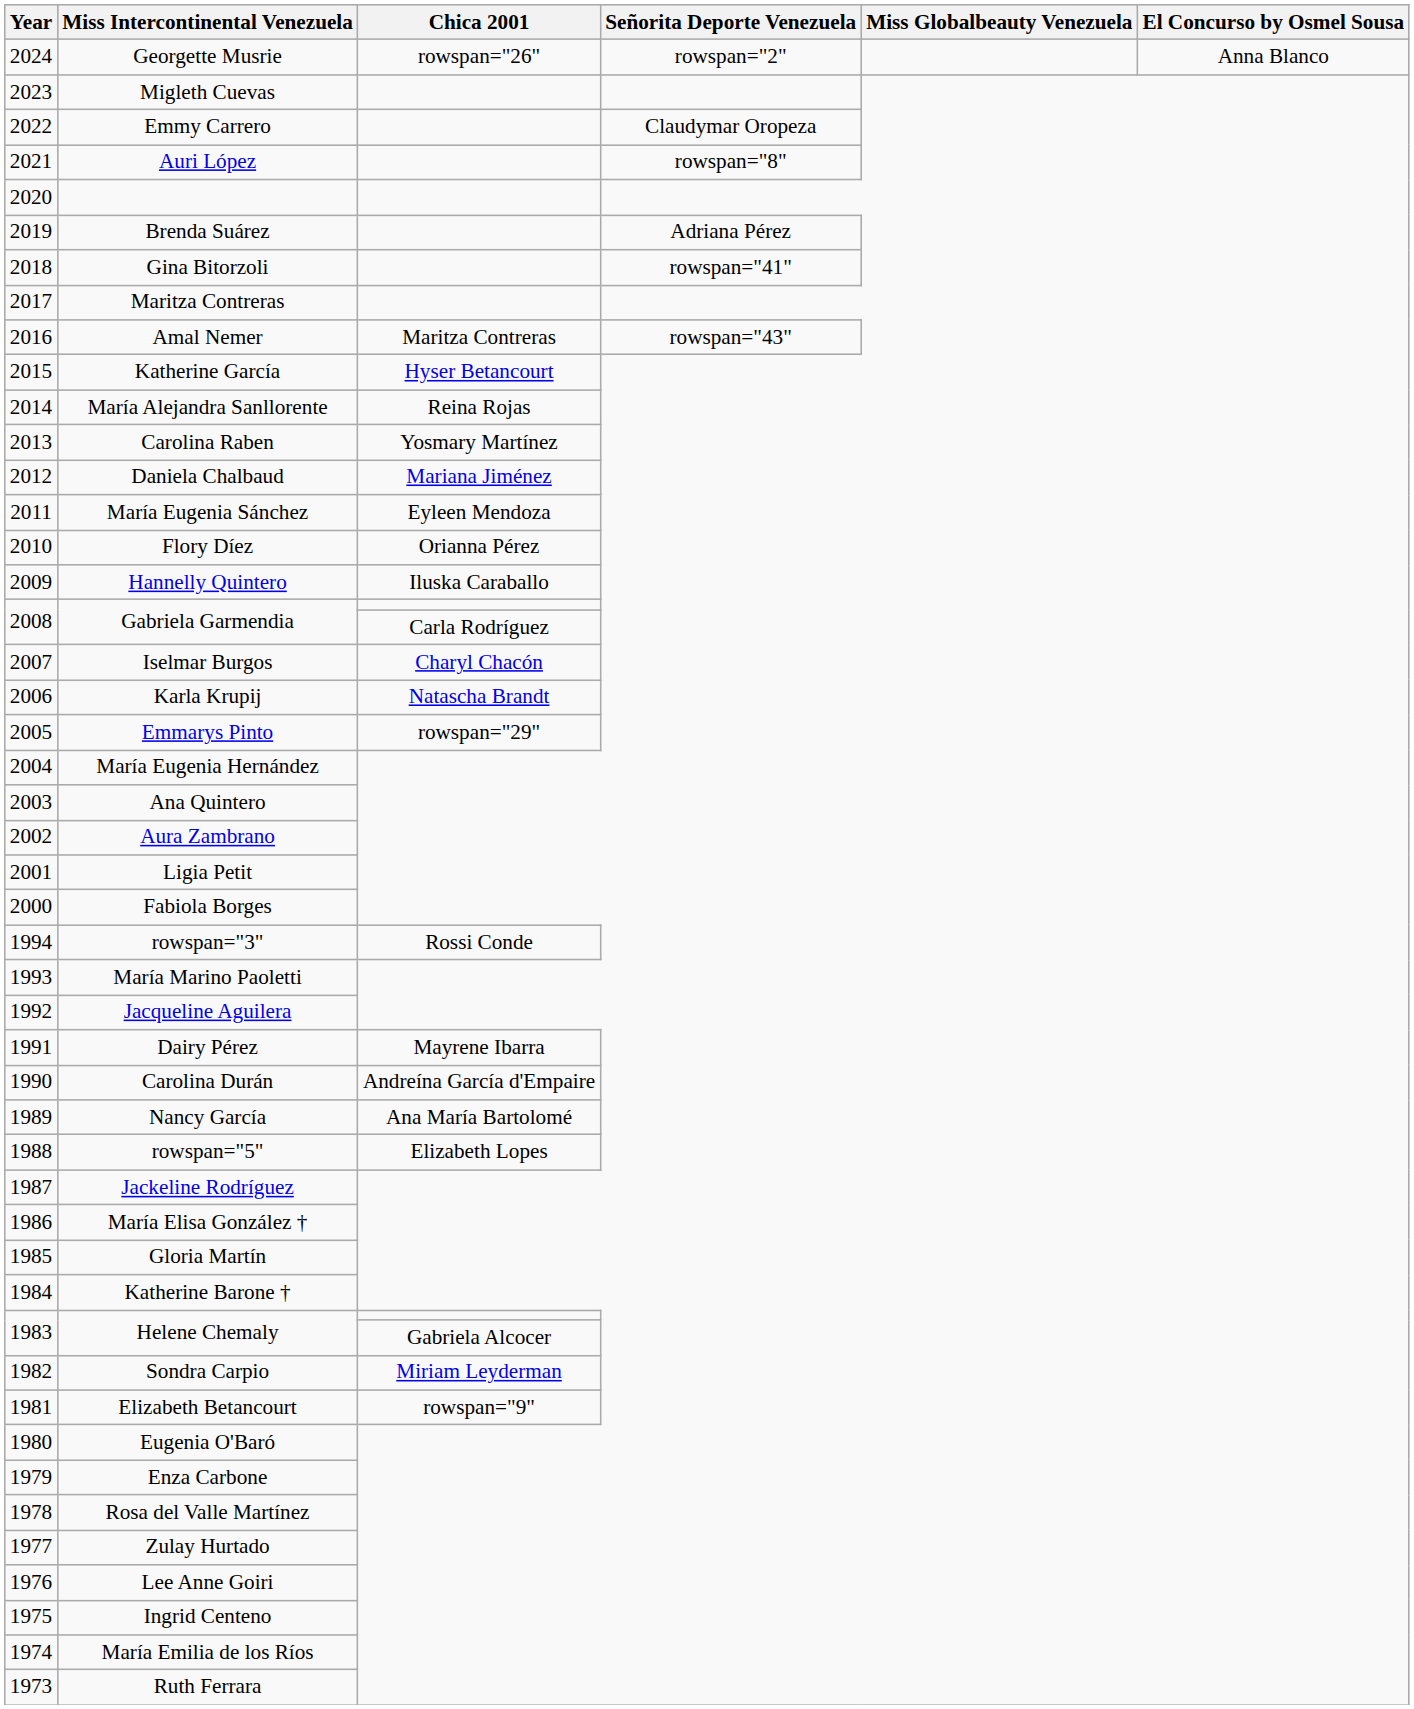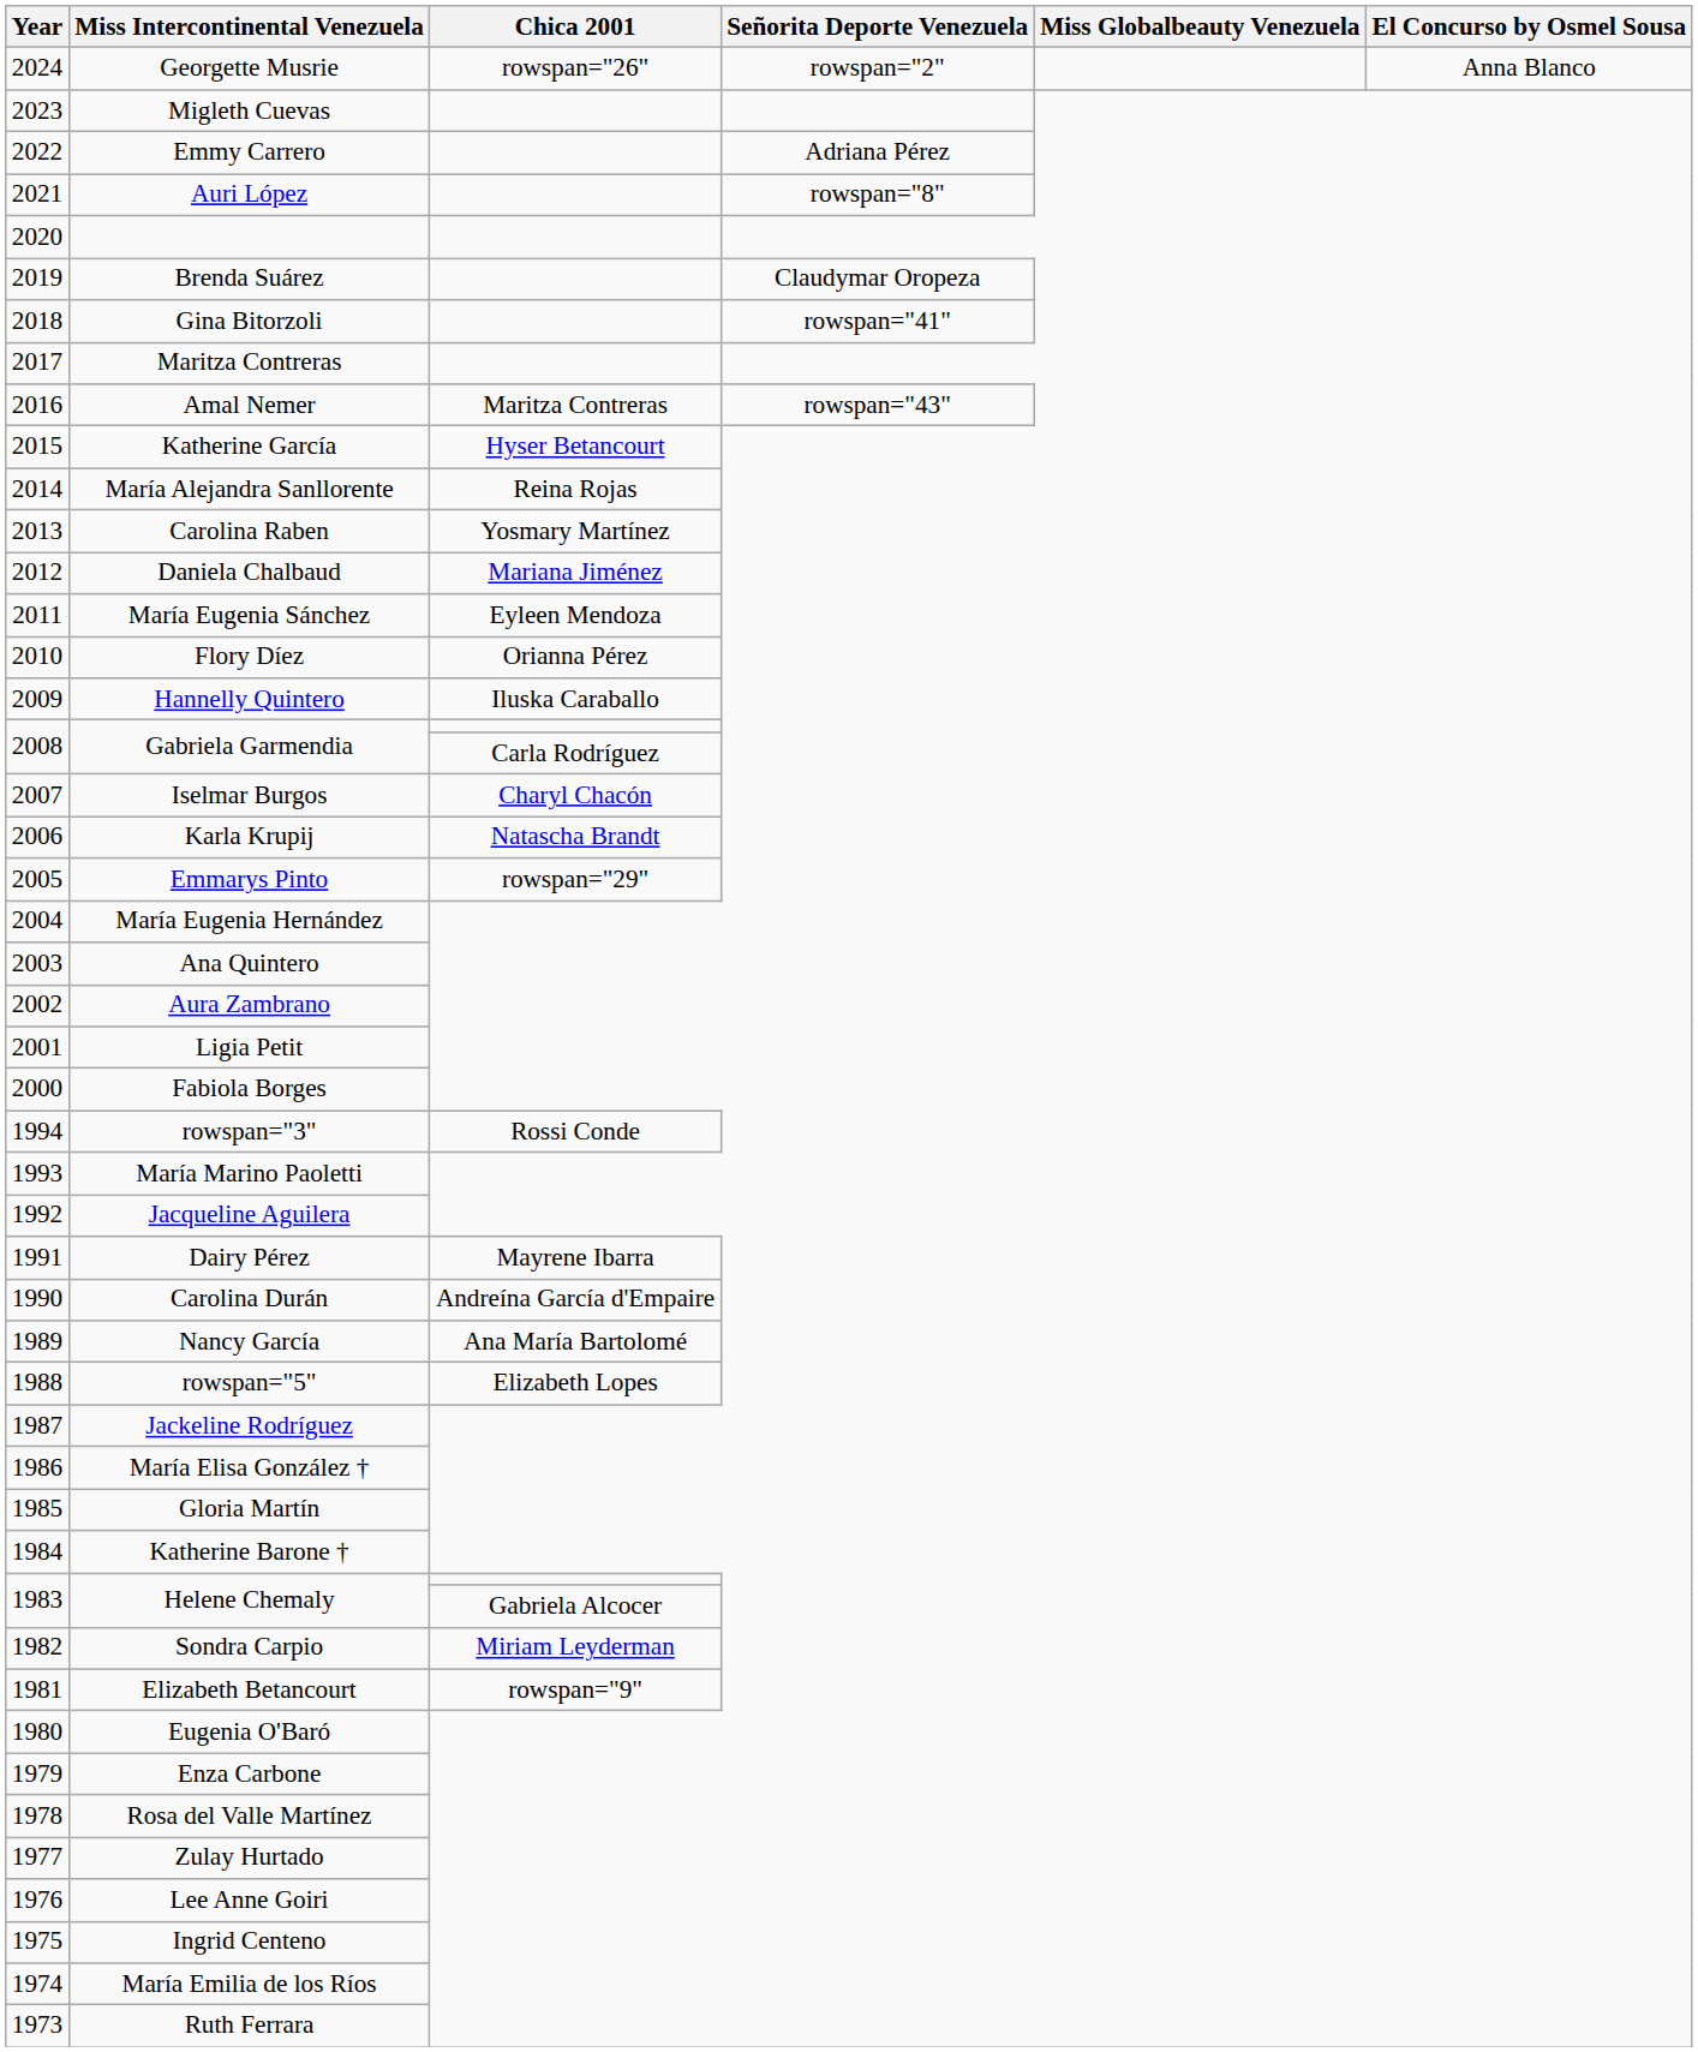 <table class="wikitable" style="font-size: 85%; text-align:center;" |>
 <tr>
 <th>Year</th>
 <th>Miss Intercontinental Venezuela<br></th>
 <th>Chica 2001<br></th>
 <th>Señorita Deporte Venezuela<br></th>
 <th>Miss Globalbeauty Venezuela<br></th>
 <th>El Concurso by Osmel Sousa<br></th>
 </tr>
 <tr>
 <td>2024</td>
 <td>Georgette Musrie<br></td>
 <td>rowspan="26" </td>
 <td>rowspan="2" </td>
 <td></td>
 <td>Anna Blanco</td>
 </tr>
 <tr>
 <td>2023</td>
 <td>Migleth Cuevas<br></td>
 <td></td>
 <td></td>
 </tr>
 <tr>
 <td>2022</td>
 <td>Emmy Carrero<br></td>
 <td></td>
-<td>Claudymar Oropeza</td>
+<td>Adriana Pérez</td>
 </tr>
 <tr>
 <td>2021</td>
 <td><a href='#'>Auri López</a><br></td>
 <td></td>
 <td>rowspan="8" </td>
 </tr>
 <tr>
 <td>2020</td>
 <td></td>
 <td></td>
 </tr>
 <tr>
 <td>2019</td>
 <td>Brenda Suárez<br></td>
 <td></td>
-<td>Adriana Pérez</td>
+<td>Claudymar Oropeza</td>
 </tr>
 <tr>
 <td>2018</td>
 <td>Gina Bitorzoli<br></td>
 <td></td>
 <td>rowspan="41" </td>
 </tr>
 <tr>
 <td>2017</td>
 <td>Maritza Contreras<br></td>
 <td></td>
 </tr>
 <tr>
 <td>2016</td>
 <td>Amal Nemer<br></td>
 <td>Maritza Contreras<br></td>
 <td>rowspan="43" </td>
 </tr>
 <tr>
 <td>2015</td>
 <td>Katherine García<br></td>
 <td><a href='#'>Hyser Betancourt</a><br></td>
 </tr>
 <tr>
 <td>2014</td>
 <td>María Alejandra Sanllorente</td>
 <td>Reina Rojas<br></td>
 </tr>
 <tr>
 <td>2013</td>
 <td>Carolina Raben</td>
 <td>Yosmary Martínez<br></td>
 </tr>
 <tr>
 <td>2012</td>
 <td>Daniela Chalbaud<br></td>
 <td><a href='#'>Mariana Jiménez</a><br></td>
 </tr>
 <tr>
 <td>2011</td>
 <td>María Eugenia Sánchez</td>
 <td>Eyleen Mendoza<br></td>
 </tr>
 <tr>
 <td>2010</td>
 <td>Flory Díez<br></td>
 <td>Orianna Pérez<br></td>
 </tr>
 <tr>
 <td>2009</td>
 <td><a href='#'>Hannelly Quintero</a><br></td>
 <td>Iluska Caraballo<br></td>
 </tr>
 <tr>
 <td rowspan="2">2008</td>
 <td rowspan="2">Gabriela Garmendia<br></td>
 <td></td>
 </tr>
 <tr>
 <td>Carla Rodríguez<br></td>
 </tr>
 <tr>
 <td>2007</td>
 <td>Iselmar Burgos<br></td>
 <td><a href='#'>Charyl Chacón</a><br></td>
 </tr>
 <tr>
 <td>2006</td>
 <td>Karla Krupij</td>
 <td><a href='#'>Natascha Brandt</a><br></td>
 </tr>
 <tr>
 <td>2005</td>
 <td><a href='#'>Emmarys Pinto</a><br></td>
 <td>rowspan="29" </td>
 </tr>
 <tr>
 <td>2004</td>
 <td>María Eugenia Hernández<br></td>
 </tr>
 <tr>
 <td>2003</td>
 <td>Ana Quintero<br></td>
 </tr>
 <tr>
 <td>2002</td>
 <td><a href='#'>Aura Zambrano</a><br></td>
 </tr>
 <tr>
 <td>2001</td>
 <td>Ligia Petit<br></td>
 </tr>
 <tr>
 <td>2000</td>
 <td>Fabiola Borges<br></td>
 </tr>
 <tr>
 <td>1994</td>
 <td>rowspan="3" </td>
 <td>Rossi Conde<br></td>
 </tr>
 <tr>
 <td>1993</td>
 <td>María Marino Paoletti<br></td>
 </tr>
 <tr>
 <td>1992</td>
 <td><a href='#'>Jacqueline Aguilera</a><br></td>
 </tr>
 <tr>
 <td>1991</td>
 <td>Dairy Pérez<br></td>
 <td>Mayrene Ibarra<br></td>
 </tr>
 <tr>
 <td>1990</td>
 <td>Carolina Durán<br></td>
 <td>Andreína García d'Empaire<br></td>
 </tr>
 <tr>
 <td>1989</td>
 <td>Nancy García<br></td>
 <td>Ana María Bartolomé<br></td>
 </tr>
 <tr>
 <td>1988</td>
 <td>rowspan="5" </td>
 <td>Elizabeth Lopes<br></td>
 </tr>
 <tr>
 <td>1987</td>
 <td><a href='#'>Jackeline Rodríguez</a><br></td>
 </tr>
 <tr>
 <td>1986</td>
 <td>María Elisa González †<br></td>
 </tr>
 <tr>
 <td>1985</td>
 <td>Gloria Martín<br></td>
 </tr>
 <tr>
 <td>1984</td>
 <td>Katherine Barone †<br></td>
 </tr>
 <tr>
 <td rowspan="2">1983</td>
 <td rowspan="2">Helene Chemaly<br></td>
 <td></td>
 </tr>
 <tr>
 <td>Gabriela Alcocer<br></td>
 </tr>
 <tr>
 <td>1982</td>
 <td>Sondra Carpio<br></td>
 <td><a href='#'>Miriam Leyderman</a><br></td>
 </tr>
 <tr>
 <td>1981</td>
 <td>Elizabeth Betancourt</td>
 <td>rowspan="9" </td>
 </tr>
 <tr>
 <td>1980</td>
 <td>Eugenia O'Baró</td>
 </tr>
 <tr>
 <td>1979</td>
 <td>Enza Carbone<br></td>
 </tr>
 <tr>
 <td>1978</td>
 <td>Rosa del Valle Martínez</td>
 </tr>
 <tr>
 <td>1977</td>
 <td>Zulay Hurtado</td>
 </tr>
 <tr>
 <td>1976</td>
 <td>Lee Anne Goiri</td>
 </tr>
 <tr>
 <td>1975</td>
 <td>Ingrid Centeno</td>
 </tr>
 <tr>
 <td>1974</td>
 <td>María Emilia de los Ríos<br></td>
 </tr>
 <tr>
 <td>1973</td>
 <td>Ruth Ferrara</td>
 </tr>
 </table>
